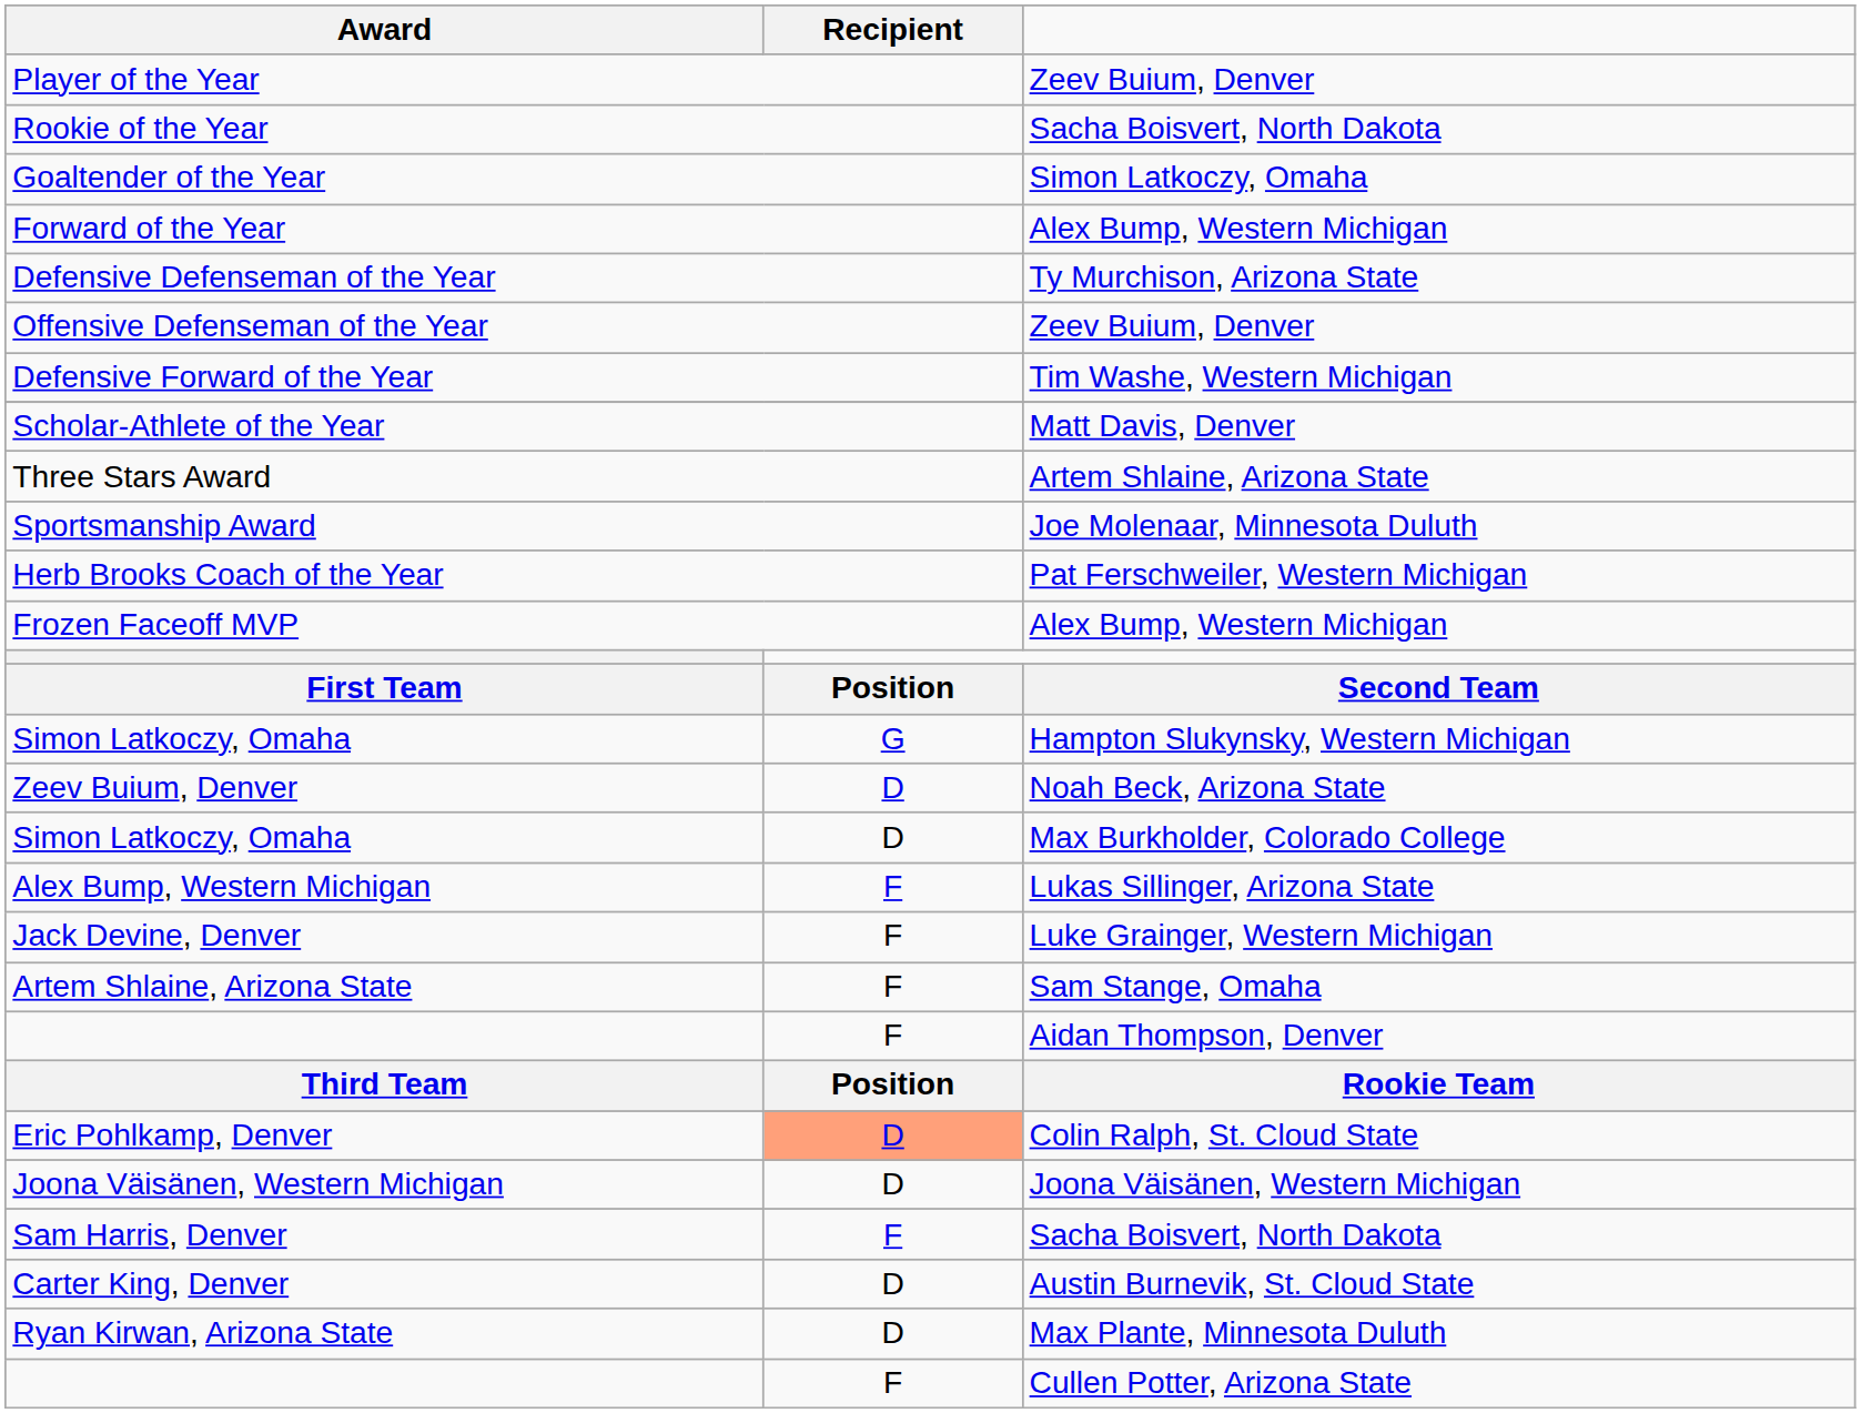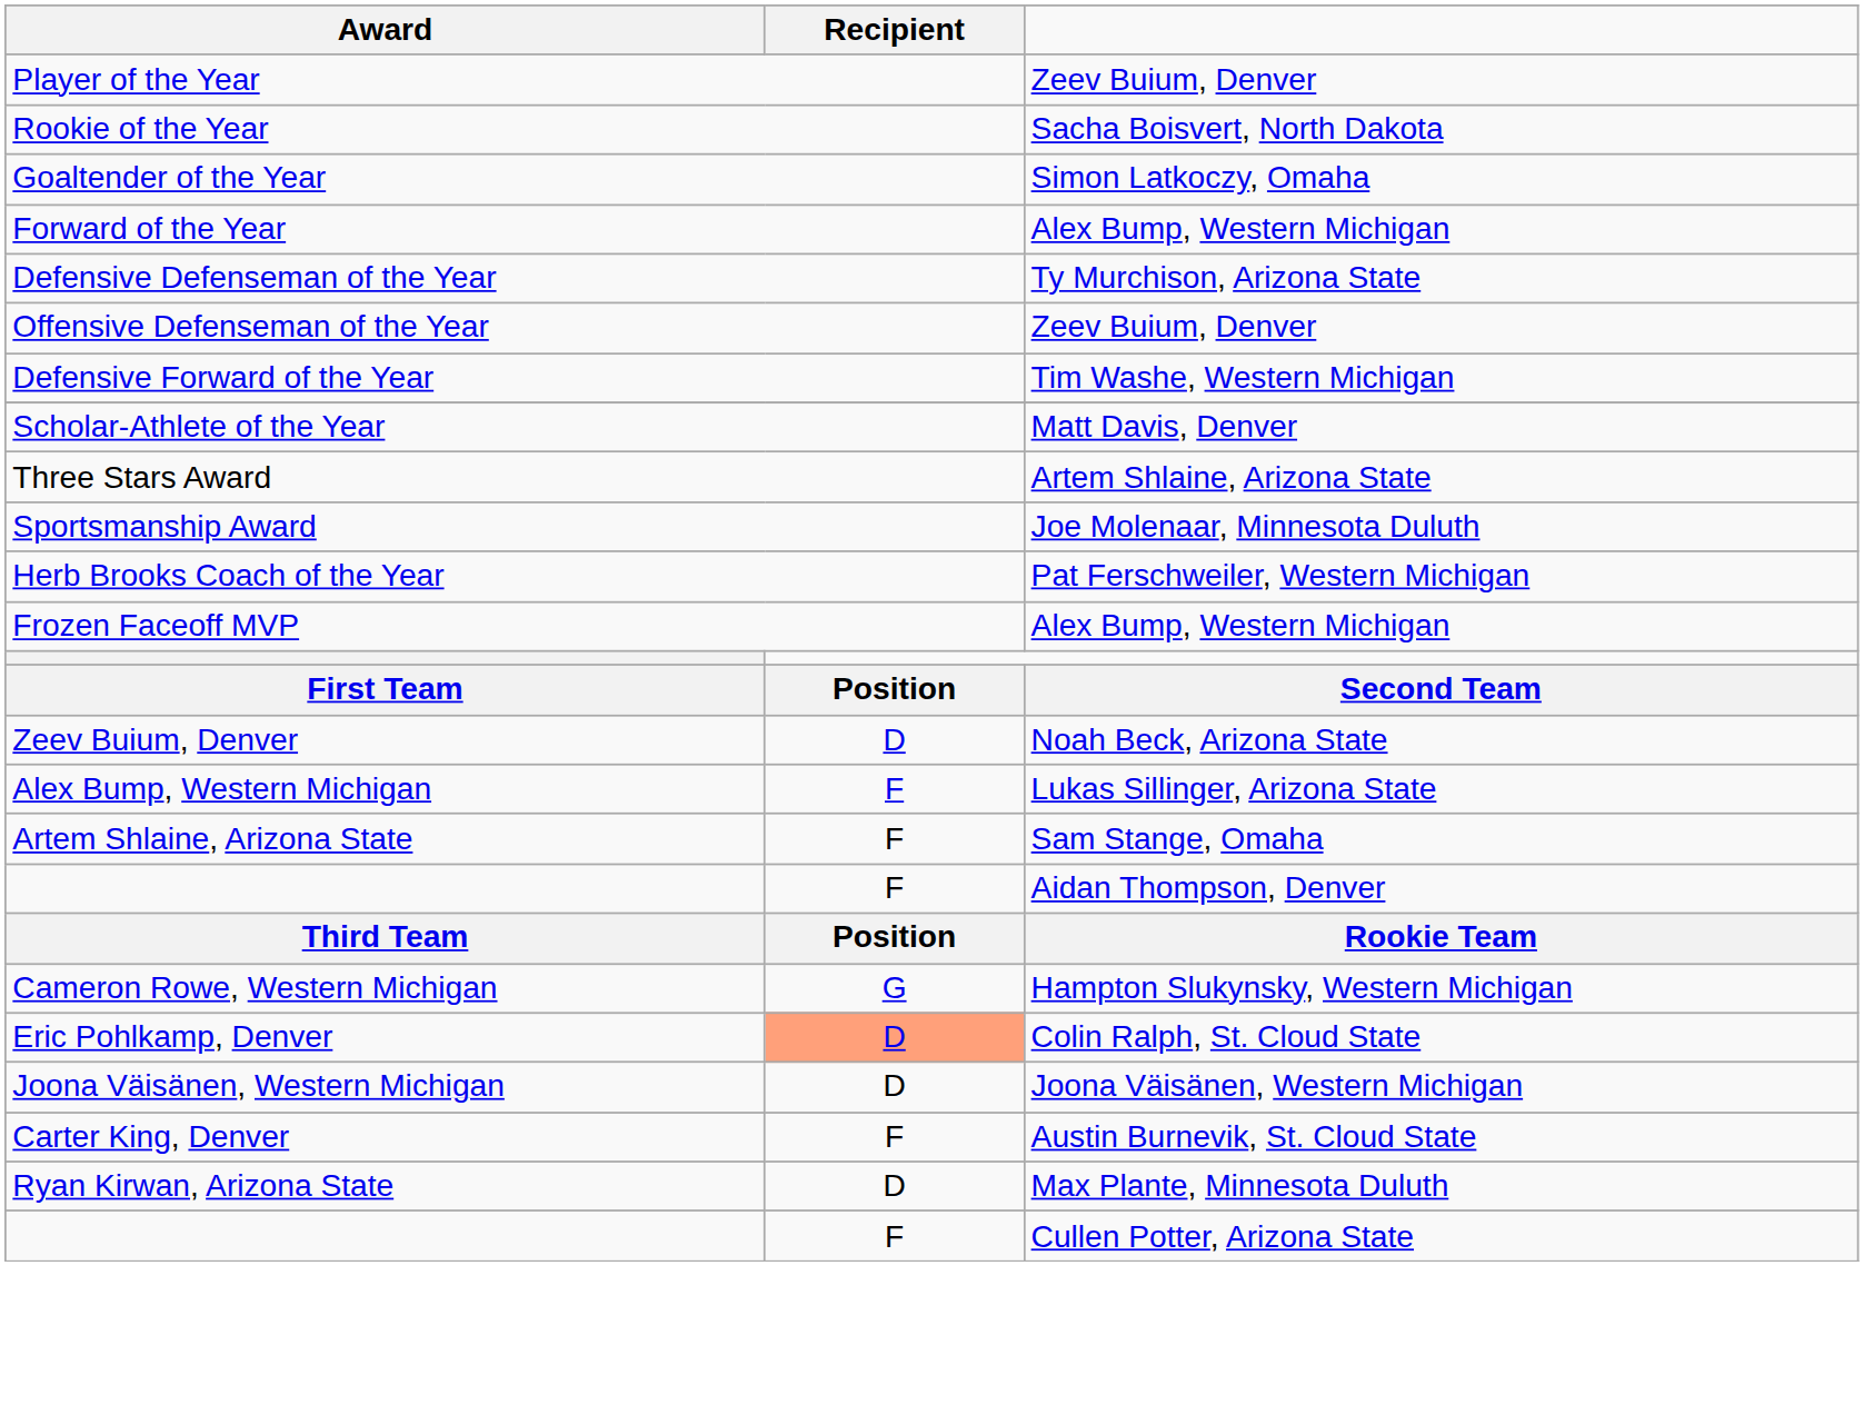 <table class="wikitable" width=75%>
 <tr>
 <th>Award</th>
 <th>Recipient</th>
 </tr>
 <tr>
 <td colspan=2><a href='#'>Player of the Year</a></td>
 <td><a href='#'>Zeev Buium</a>, <a href='#'>Denver</a></td>
 </tr>
 <tr>
 <td colspan=2><a href='#'>Rookie of the Year</a></td>
 <td><a href='#'>Sacha Boisvert</a>, <a href='#'>North Dakota</a></td>
 </tr>
 <tr>
 <td colspan=2><a href='#'>Goaltender of the Year</a></td>
 <td><a href='#'>Simon Latkoczy</a>, <a href='#'>Omaha</a></td>
 </tr>
 <tr>
 <td colspan=2><a href='#'>Forward of the Year</a></td>
 <td><a href='#'>Alex Bump</a>, <a href='#'>Western Michigan</a></td>
 </tr>
 <tr>
 <td colspan=2><a href='#'>Defensive Defenseman of the Year</a></td>
 <td><a href='#'>Ty Murchison</a>, <a href='#'>Arizona State</a></td>
 </tr>
 <tr>
 <td colspan=2><a href='#'>Offensive Defenseman of the Year</a></td>
 <td><a href='#'>Zeev Buium</a>, <a href='#'>Denver</a></td>
 </tr>
 <tr>
 <td colspan=2><a href='#'>Defensive Forward of the Year</a></td>
 <td><a href='#'>Tim Washe</a>, <a href='#'>Western Michigan</a></td>
 </tr>
 <tr>
 </tr>
 <tr>
 <td colspan=2><a href='#'>Scholar-Athlete of the Year</a></td>
 <td><a href='#'>Matt Davis</a>, <a href='#'>Denver</a></td>
 </tr>
 <tr>
 <td colspan=2>Three Stars Award</td>
 <td><a href='#'>Artem Shlaine</a>, <a href='#'>Arizona State</a></td>
 </tr>
 <tr>
 <td colspan=2><a href='#'>Sportsmanship Award</a></td>
 <td><a href='#'>Joe Molenaar</a>, <a href='#'>Minnesota Duluth</a></td>
 </tr>
 <tr>
 <td colspan=2><a href='#'>Herb Brooks Coach of the Year</a></td>
 <td><a href='#'>Pat Ferschweiler</a>, <a href='#'>Western Michigan</a></td>
 </tr>
 <tr>
 <td colspan=2><a href='#'>Frozen Faceoff MVP</a></td>
 <td><a href='#'>Alex Bump</a>, <a href='#'>Western Michigan</a></td>
 </tr>
 <tr>
 <th><a href='#'></a></th>
 </tr>
 <tr>
 <th><a href='#'>First Team</a></th>
 <th>  Position  </th>
 <th><a href='#'>Second Team</a></th>
 </tr>
 <tr>
-<td><a href='#'>Simon Latkoczy</a>, <a href='#'>Omaha</a></td>
-<td align=center><a href='#'>G</a></td>
-<td><a href='#'>Hampton Slukynsky</a>, <a href='#'>Western Michigan</a></td>
-</tr>
-<tr>
 <td><a href='#'>Zeev Buium</a>, <a href='#'>Denver</a></td>
 <td align=center><a href='#'>D</a></td>
 <td><a href='#'>Noah Beck</a>, <a href='#'>Arizona State</a></td>
 </tr>
 <tr>
-<td><a href='#'>Simon Latkoczy</a>, <a href='#'>Omaha</a></td>
-<td align=center>D</td>
-<td><a href='#'>Max Burkholder</a>, <a href='#'>Colorado College</a></td>
-</tr>
-<tr>
 <td><a href='#'>Alex Bump</a>, <a href='#'>Western Michigan</a></td>
 <td align=center><a href='#'>F</a></td>
 <td><a href='#'>Lukas Sillinger</a>, <a href='#'>Arizona State</a></td>
-</tr>
-<tr>
-<td><a href='#'>Jack Devine</a>, <a href='#'>Denver</a></td>
-<td align=center>F</td>
-<td><a href='#'>Luke Grainger</a>, <a href='#'>Western Michigan</a></td>
 </tr>
 <tr>
 <td><a href='#'>Artem Shlaine</a>, <a href='#'>Arizona State</a></td>
 <td align=center>F</td>
 <td><a href='#'>Sam Stange</a>, <a href='#'>Omaha</a></td>
 </tr>
 <tr>
 <td></td>
 <td align=center>F</td>
 <td><a href='#'>Aidan Thompson</a>, <a href='#'>Denver</a></td>
 </tr>
 <tr>
 <th><a href='#'>Third Team</a></th>
 <th>  Position  </th>
 <th><a href='#'>Rookie Team</a></th>
 </tr>
 <tr>
+<td><a href='#'>Cameron Rowe</a>, <a href='#'>Western Michigan</a></td>
+<td align=center><a href='#'>G</a></td>
+<td><a href='#'>Hampton Slukynsky</a>, <a href='#'>Western Michigan</a></td>
+</tr>
+<tr>
 <td><a href='#'>Eric Pohlkamp</a>, <a href='#'>Denver</a></td>
 <td align=center style="background: lightsalmon;"><a href='#'>D</a></td>
 <td><a href='#'>Colin Ralph</a>, <a href='#'>St. Cloud State</a></td>
 </tr>
 <tr>
 <td><a href='#'>Joona Väisänen</a>, <a href='#'>Western Michigan</a></td>
 <td align=center>D</td>
 <td><a href='#'>Joona Väisänen</a>, <a href='#'>Western Michigan</a></td>
 </tr>
 <tr>
-<td><a href='#'>Sam Harris</a>, <a href='#'>Denver</a></td>
-<td align=center><a href='#'>F</a></td>
-<td><a href='#'>Sacha Boisvert</a>, <a href='#'>North Dakota</a></td>
-</tr>
-<tr>
 <td><a href='#'>Carter King</a>, <a href='#'>Denver</a></td>
-<td align=center>D</td>
+<td align=center>F</td>
 <td><a href='#'>Austin Burnevik</a>, <a href='#'>St. Cloud State</a></td>
 </tr>
 <tr>
 <td><a href='#'>Ryan Kirwan</a>, <a href='#'>Arizona State</a></td>
 <td align=center>D</td>
 <td><a href='#'>Max Plante</a>, <a href='#'>Minnesota Duluth</a></td>
 </tr>
 <tr>
 <td></td>
 <td align=center>F</td>
 <td><a href='#'>Cullen Potter</a>, <a href='#'>Arizona State</a></td>
 </tr>
 <tr>
 </tr>
 </table>
